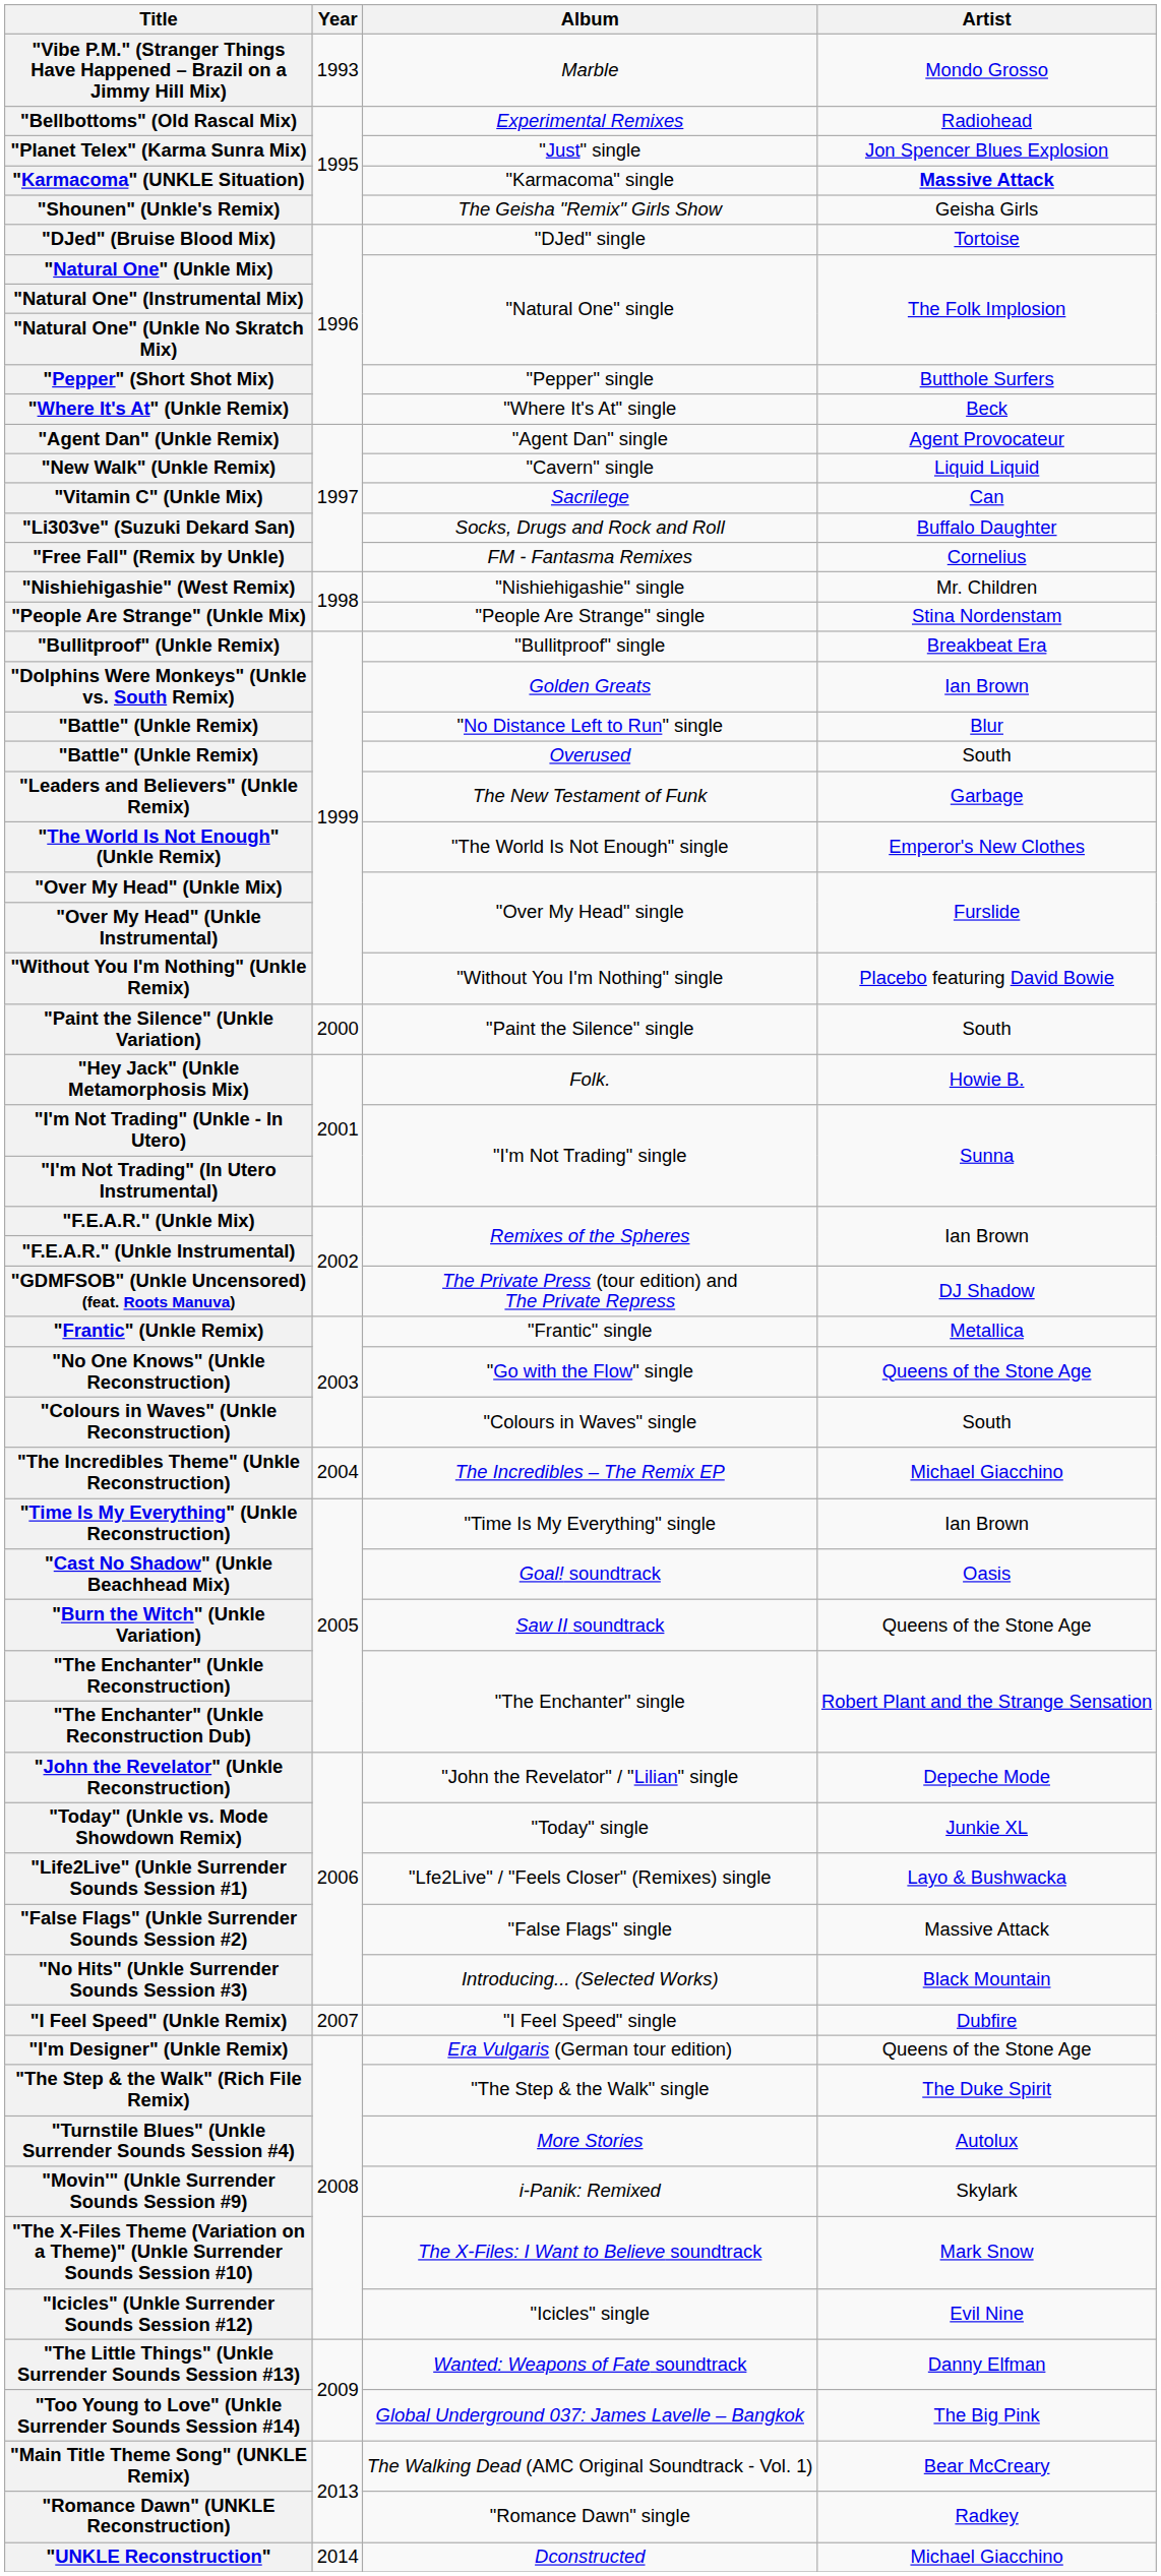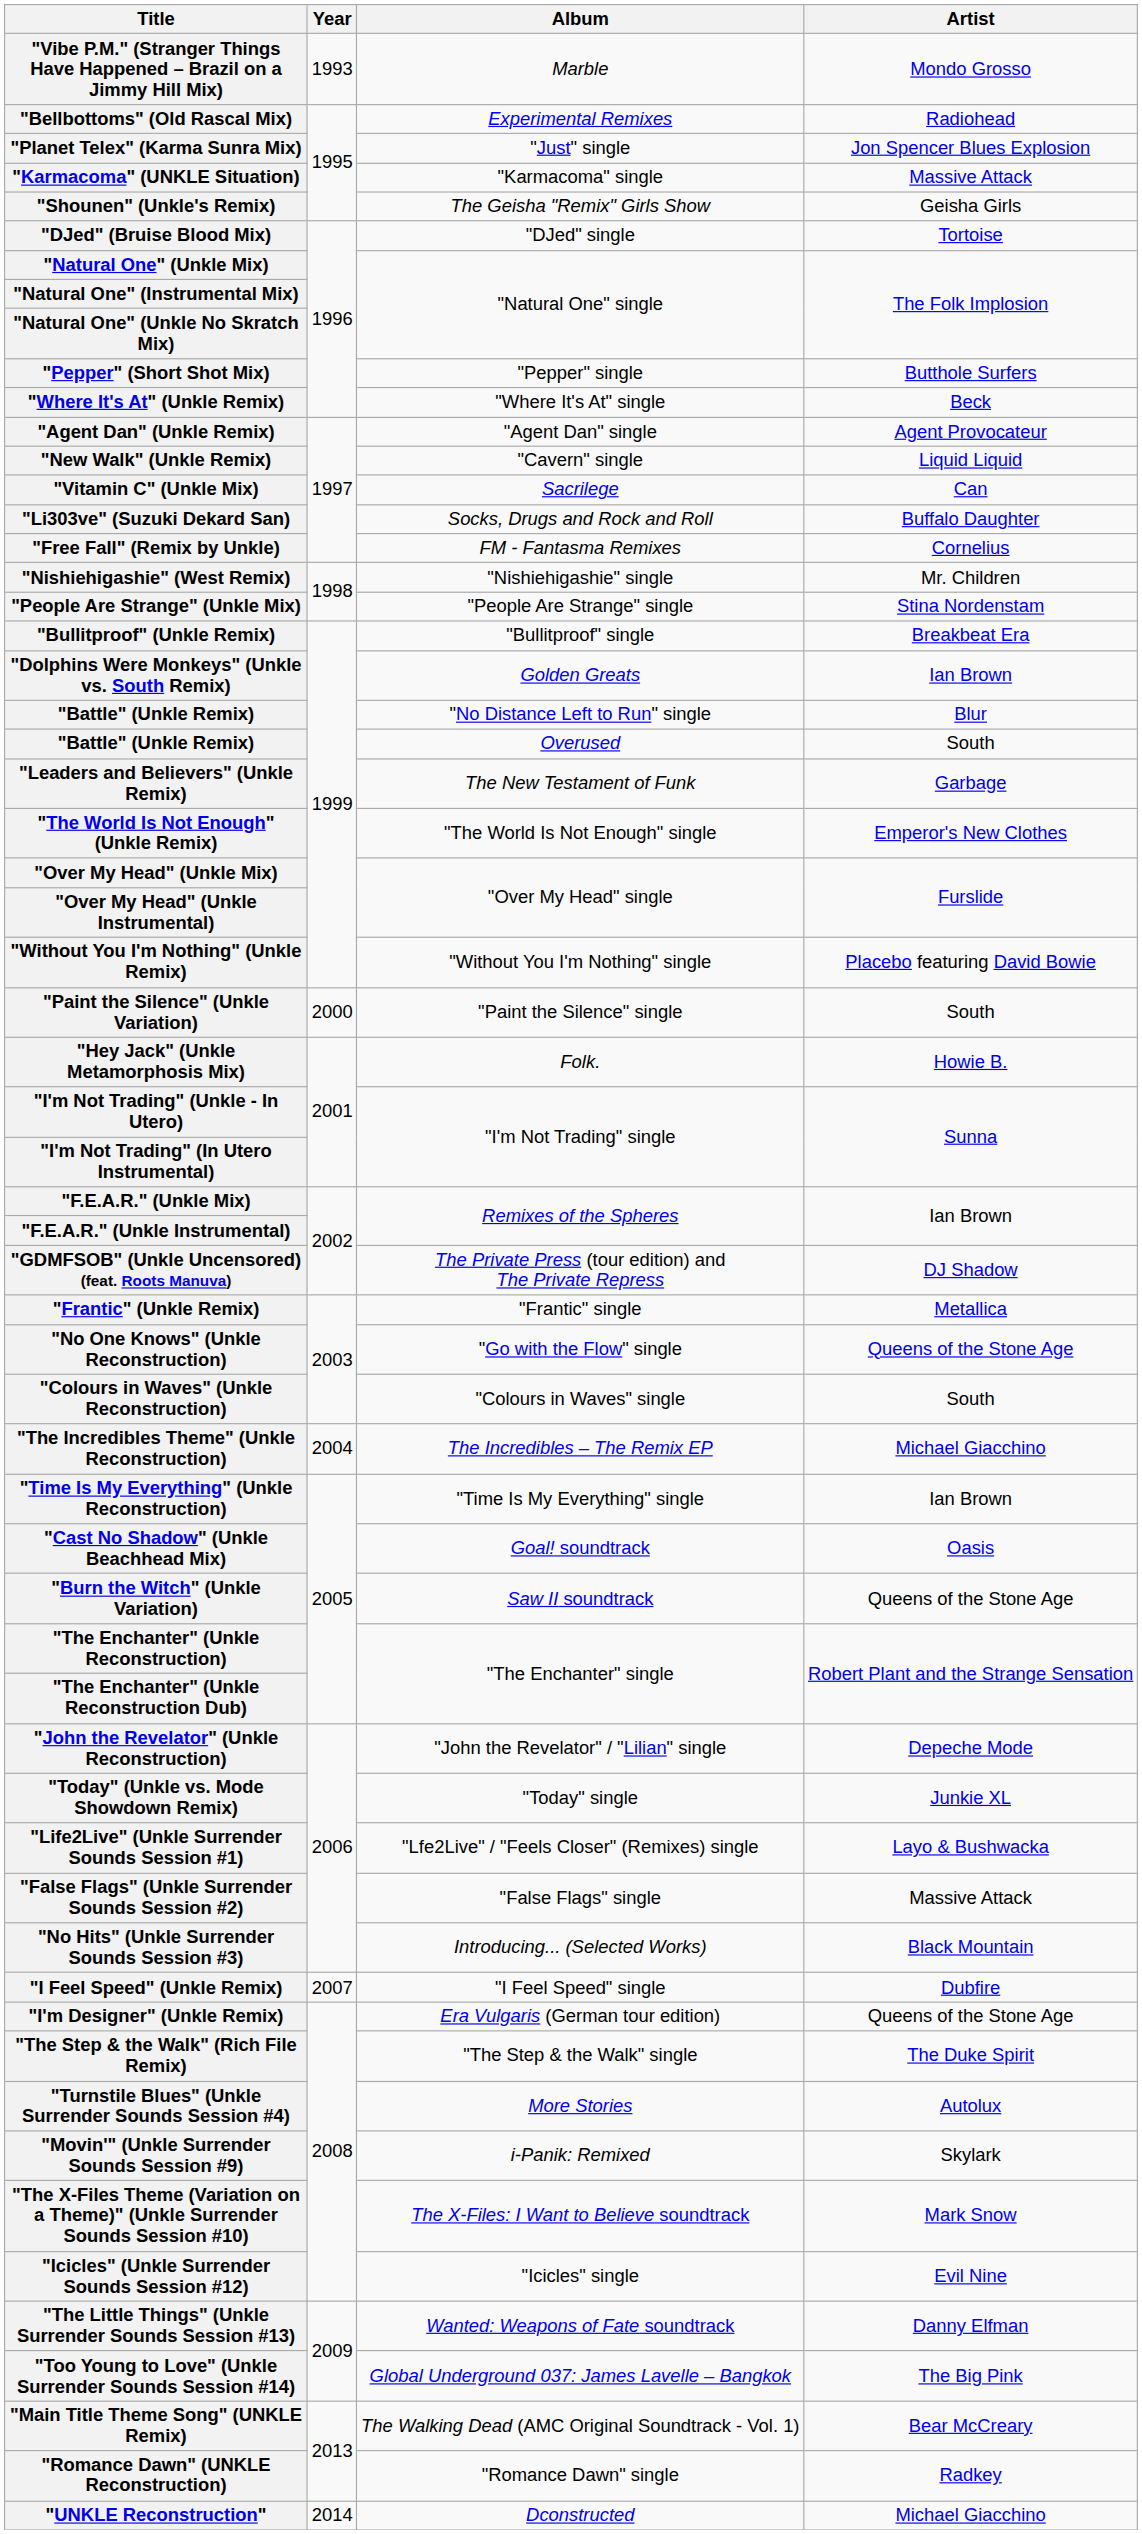 <table class="wikitable plainrowheaders" style="text-align:center;" border="1">
 <tr>
 <th scope="col" style="width:16em;">Title</th>
 <th scope="col">Year</th>
 <th scope="col">Album</th>
 <th scope="col">Artist</th>
 </tr>
 <tr>
 <th scope="row">"Vibe P.M." (Stranger Things Have Happened – Brazil on a Jimmy Hill Mix)</th>
 <td>1993</td>
 <td><em>Marble</em></td>
 <td><a href='#'>Mondo Grosso</a></td>
 </tr>
 <tr>
 <th scope="row">"Bellbottoms" (Old Rascal Mix)</th>
 <td rowspan="4">1995</td>
 <td><em><a href='#'>Experimental Remixes</a></em></td>
 <td><a href='#'>Radiohead</a></td>
 </tr>
 <tr>
 <th scope="row">"Planet Telex" (Karma Sunra Mix)</th>
 <td>"<a href='#'>Just</a>" single</td>
 <td><a href='#'>Jon Spencer Blues Explosion</a></td>
 </tr>
 <tr>
 <th scope="row">"<a href='#'>Karmacoma</a>" (UNKLE Situation)</th>
 <td>"Karmacoma" single</td>
-<td><strong><a href='#'>Massive Attack</a></strong></td>
+<td><a href='#'>Massive Attack</a></td>
 </tr>
 <tr>
 <th scope="row">"Shounen" (Unkle's Remix)</th>
 <td><em>The Geisha "Remix" Girls Show</em></td>
 <td>Geisha Girls</td>
 </tr>
 <tr>
 <th scope="row">"DJed" (Bruise Blood Mix)</th>
 <td rowspan="6">1996</td>
 <td>"DJed" single</td>
 <td><a href='#'>Tortoise</a></td>
 </tr>
 <tr>
 <th scope="row">"<a href='#'>Natural One</a>" (Unkle Mix)</th>
 <td rowspan="3">"Natural One" single</td>
 <td rowspan="3"><a href='#'>The Folk Implosion</a></td>
 </tr>
 <tr>
 <th scope="row">"Natural One" (Instrumental Mix)</th>
 </tr>
 <tr>
 <th scope="row">"Natural One" (Unkle No Skratch Mix)</th>
 </tr>
 <tr>
 <th scope="row">"<a href='#'>Pepper</a>" (Short Shot Mix)</th>
 <td>"Pepper" single</td>
 <td><a href='#'>Butthole Surfers</a></td>
 </tr>
 <tr>
 <th scope="row">"<a href='#'>Where It's At</a>" (Unkle Remix)</th>
 <td>"Where It's At" single</td>
 <td><a href='#'>Beck</a></td>
 </tr>
 <tr>
 <th scope="row">"Agent Dan" (Unkle Remix)</th>
 <td rowspan="5">1997</td>
 <td>"Agent Dan" single</td>
 <td><a href='#'>Agent Provocateur</a></td>
 </tr>
 <tr>
 <th scope="row">"New Walk" (Unkle Remix)</th>
 <td>"Cavern" single</td>
 <td><a href='#'>Liquid Liquid</a></td>
 </tr>
 <tr>
 <th scope="row">"Vitamin C" (Unkle Mix)</th>
 <td><em><a href='#'>Sacrilege</a></em></td>
 <td><a href='#'>Can</a></td>
 </tr>
 <tr>
 <th scope="row">"Li303ve" (Suzuki Dekard San)</th>
 <td><em>Socks, Drugs and Rock and Roll</em></td>
 <td><a href='#'>Buffalo Daughter</a></td>
 </tr>
 <tr>
 <th scope="row">"Free Fall" (Remix by Unkle)</th>
 <td><em>FM - Fantasma Remixes</em></td>
 <td><a href='#'>Cornelius</a></td>
 </tr>
 <tr>
 <th scope="row">"Nishiehigashie" (West Remix)</th>
 <td rowspan="2">1998</td>
 <td>"Nishiehigashie" single</td>
 <td>Mr. Children</td>
 </tr>
 <tr>
 <th scope="row">"People Are Strange" (Unkle Mix)</th>
 <td>"People Are Strange" single</td>
 <td><a href='#'>Stina Nordenstam</a></td>
 </tr>
 <tr>
 <th scope="row">"Bullitproof" (Unkle Remix)</th>
 <td rowspan="9">1999</td>
 <td>"Bullitproof" single</td>
 <td><a href='#'>Breakbeat Era</a></td>
 </tr>
 <tr>
 <th scope="row">"Dolphins Were Monkeys" (Unkle vs. <a href='#'>South</a> Remix)</th>
 <td><em><a href='#'>Golden Greats</a></em></td>
 <td><a href='#'>Ian Brown</a></td>
 </tr>
 <tr>
 <th scope="row">"Battle" (Unkle Remix)</th>
 <td>"<a href='#'>No Distance Left to Run</a>" single</td>
 <td><a href='#'>Blur</a></td>
 </tr>
 <tr>
 <th scope="row">"Battle" (Unkle Remix)</th>
 <td><em><a href='#'>Overused</a></em></td>
 <td>South</td>
 </tr>
 <tr>
 <th scope="row">"Leaders and Believers" (Unkle Remix)</th>
 <td><em>The New Testament of Funk</em></td>
 <td><a href='#'>Garbage</a></td>
 </tr>
 <tr>
 <th scope="row">"<a href='#'>The World Is Not Enough</a>" (Unkle Remix)</th>
 <td>"The World Is Not Enough" single</td>
 <td><a href='#'>Emperor's New Clothes</a></td>
 </tr>
 <tr>
 <th scope="row">"Over My Head" (Unkle Mix)</th>
 <td rowspan="2">"Over My Head" single</td>
 <td rowspan="2"><a href='#'>Furslide</a></td>
 </tr>
 <tr>
 <th scope="row">"Over My Head" (Unkle Instrumental)</th>
 </tr>
 <tr>
 <th scope="row">"Without You I'm Nothing" (Unkle Remix)</th>
 <td>"Without You I'm Nothing" single</td>
 <td><a href='#'>Placebo</a> featuring <a href='#'>David Bowie</a></td>
 </tr>
 <tr>
 <th scope="row">"Paint the Silence" (Unkle Variation)</th>
 <td>2000</td>
 <td>"Paint the Silence" single</td>
 <td>South</td>
 </tr>
 <tr>
 <th scope="row">"Hey Jack" (Unkle Metamorphosis Mix)</th>
 <td rowspan="3">2001</td>
 <td><em>Folk.</em></td>
 <td><a href='#'>Howie B.</a></td>
 </tr>
 <tr>
 <th scope="row">"I'm Not Trading" (Unkle - In Utero)</th>
 <td rowspan="2">"I'm Not Trading" single</td>
 <td rowspan="2"><a href='#'>Sunna</a></td>
 </tr>
 <tr>
 <th scope="row">"I'm Not Trading" (In Utero Instrumental)</th>
 </tr>
 <tr>
 <th scope="row">"F.E.A.R." (Unkle Mix)</th>
 <td rowspan="3">2002</td>
 <td rowspan="2"><em><a href='#'>Remixes of the Spheres</a></em></td>
 <td rowspan="2">Ian Brown</td>
 </tr>
 <tr>
 <th scope="row">"F.E.A.R." (Unkle Instrumental)</th>
 </tr>
 <tr>
 <th scope="row">"GDMFSOB" (Unkle Uncensored) <small>(feat. <a href='#'>Roots Manuva</a>)</small></th>
 <td><em><a href='#'>The Private Press</a></em> (tour edition) and<br><em><a href='#'>The Private Repress</a></em></td>
 <td><a href='#'>DJ Shadow</a></td>
 </tr>
 <tr>
 <th scope="row">"<a href='#'>Frantic</a>" (Unkle Remix)</th>
 <td rowspan="3">2003</td>
 <td>"Frantic" single</td>
 <td><a href='#'>Metallica</a></td>
 </tr>
 <tr>
 <th scope="row">"No One Knows" (Unkle Reconstruction)</th>
 <td>"<a href='#'>Go with the Flow</a>" single</td>
 <td><a href='#'>Queens of the Stone Age</a></td>
 </tr>
 <tr>
 <th scope="row">"Colours in Waves" (Unkle Reconstruction)</th>
 <td>"Colours in Waves" single</td>
 <td>South</td>
 </tr>
 <tr>
 <th scope="row">"The Incredibles Theme" (Unkle Reconstruction)</th>
 <td>2004</td>
 <td><em><a href='#'>The Incredibles – The Remix EP</a></em></td>
 <td><a href='#'>Michael Giacchino</a></td>
 </tr>
 <tr>
 <th scope="row">"<a href='#'>Time Is My Everything</a>" (Unkle Reconstruction)</th>
 <td rowspan="5">2005</td>
 <td>"Time Is My Everything" single</td>
 <td>Ian Brown</td>
 </tr>
 <tr>
 <th scope="row">"<a href='#'>Cast No Shadow</a>" (Unkle Beachhead Mix)</th>
 <td><a href='#'><em>Goal!</em> soundtrack</a></td>
 <td><a href='#'>Oasis</a></td>
 </tr>
 <tr>
 <th scope="row">"<a href='#'>Burn the Witch</a>" (Unkle Variation)</th>
 <td><a href='#'><em>Saw II</em> soundtrack</a></td>
 <td>Queens of the Stone Age</td>
 </tr>
 <tr>
 <th scope="row">"The Enchanter" (Unkle Reconstruction)</th>
 <td rowspan="2">"The Enchanter" single</td>
 <td rowspan="2"><a href='#'>Robert Plant and the Strange Sensation</a></td>
 </tr>
 <tr>
 <th scope="row">"The Enchanter" (Unkle Reconstruction Dub)</th>
 </tr>
 <tr>
 <th scope="row">"<a href='#'>John the Revelator</a>" (Unkle Reconstruction)</th>
 <td rowspan="5">2006</td>
 <td>"John the Revelator" / "<a href='#'>Lilian</a>" single</td>
 <td><a href='#'>Depeche Mode</a></td>
 </tr>
 <tr>
 <th scope="row">"Today" (Unkle vs. Mode Showdown Remix)</th>
 <td>"Today" single</td>
 <td><a href='#'>Junkie XL</a></td>
 </tr>
 <tr>
 <th scope="row">"Life2Live" (Unkle Surrender Sounds Session #1)</th>
 <td>"Lfe2Live" / "Feels Closer" (Remixes) single</td>
 <td><a href='#'>Layo & Bushwacka</a></td>
 </tr>
 <tr>
 <th scope="row">"False Flags" (Unkle Surrender Sounds Session #2)</th>
 <td>"False Flags" single</td>
 <td>Massive Attack</td>
 </tr>
 <tr>
 <th scope="row">"No Hits" (Unkle Surrender Sounds Session #3)</th>
 <td><em>Introducing... (Selected Works)</em></td>
 <td><a href='#'>Black Mountain</a></td>
 </tr>
 <tr>
 <th scope="row">"I Feel Speed" (Unkle Remix)</th>
 <td>2007</td>
 <td>"I Feel Speed" single</td>
 <td><a href='#'>Dubfire</a></td>
 </tr>
 <tr>
 <th scope="row">"I'm Designer" (Unkle Remix)</th>
 <td rowspan="6">2008</td>
 <td><em><a href='#'>Era Vulgaris</a></em> (German tour edition)</td>
 <td>Queens of the Stone Age</td>
 </tr>
 <tr>
 <th scope="row">"The Step & the Walk" (Rich File Remix)</th>
 <td>"The Step & the Walk" single</td>
 <td><a href='#'>The Duke Spirit</a></td>
 </tr>
 <tr>
 <th scope="row">"Turnstile Blues" (Unkle Surrender Sounds Session #4)</th>
 <td><em><a href='#'>More Stories</a></em></td>
 <td><a href='#'>Autolux</a></td>
 </tr>
 <tr>
 <th scope="row">"Movin'" (Unkle Surrender Sounds Session #9)</th>
 <td><em>i-Panik: Remixed</em></td>
 <td>Skylark</td>
 </tr>
 <tr>
 <th scope="row">"The X-Files Theme (Variation on a Theme)" (Unkle Surrender Sounds Session #10)</th>
 <td><a href='#'><em>The X-Files: I Want to Believe</em> soundtrack</a></td>
 <td><a href='#'>Mark Snow</a></td>
 </tr>
 <tr>
 <th scope="row">"Icicles" (Unkle Surrender Sounds Session #12)</th>
 <td>"Icicles" single</td>
 <td><a href='#'>Evil Nine</a></td>
 </tr>
 <tr>
 <th scope="row">"The Little Things" (Unkle Surrender Sounds Session #13)</th>
 <td rowspan="2">2009</td>
 <td><a href='#'><em>Wanted: Weapons of Fate</em> soundtrack</a></td>
 <td><a href='#'>Danny Elfman</a></td>
 </tr>
 <tr>
 <th scope="row">"Too Young to Love" (Unkle Surrender Sounds Session #14)</th>
 <td><em><a href='#'>Global Underground 037: James Lavelle – Bangkok</a></em></td>
 <td><a href='#'>The Big Pink</a></td>
 </tr>
 <tr>
 <th scope="row">"Main Title Theme Song" (UNKLE Remix)</th>
 <td rowspan="2">2013</td>
 <td><em>The Walking Dead</em> (AMC Original Soundtrack - Vol. 1)</td>
 <td><a href='#'>Bear McCreary</a></td>
 </tr>
 <tr>
 <th scope="row">"Romance Dawn" (UNKLE Reconstruction)</th>
 <td>"Romance Dawn" single</td>
 <td><a href='#'>Radkey</a></td>
 </tr>
 <tr>
 <th scope="row">"<a href='#'>UNKLE Reconstruction</a>"</th>
 <td rowspan="2">2014</td>
 <td><em><a href='#'>Dconstructed</a></em></td>
 <td><a href='#'>Michael Giacchino</a></td>
 </tr>
 </table>
